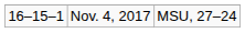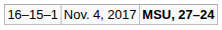 <table class="wikitable">
 <tr align="center">
 </tr>
 <tr align="center">
 <td>16–15–1</td>
 <td>Nov. 4, 2017</td>
-<td>MSU, 27–24</td>
+<td><strong>MSU, 27–24</strong></td>
 </tr>
 </table>
